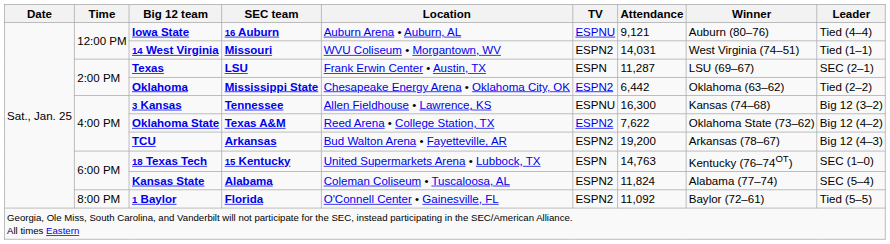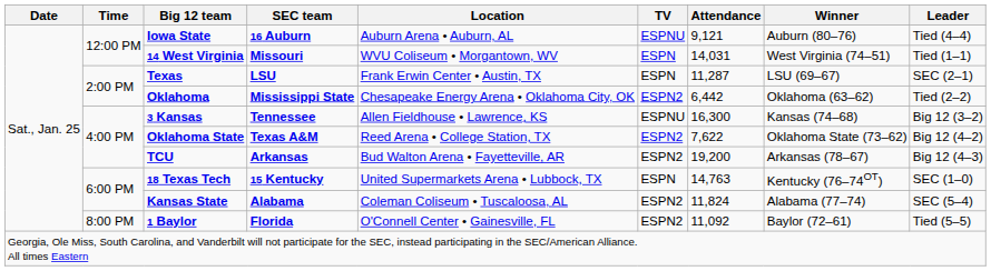 <table class="wikitable" style="font-size: 95%">
 <tr style="text-align:center;">
 <th>Date</th>
 <th>Time</th>
 <th>Big 12 team</th>
 <th>SEC team</th>
 <th>Location</th>
 <th>TV</th>
 <th>Attendance</th>
 <th>Winner</th>
 <th>Leader</th>
 </tr>
 <tr>
 <td rowspan=10>Sat., Jan. 25</td>
 <td rowspan=2>12:00 PM</td>
 <td><strong><a href='#'><span>Iowa State</span></a></strong></td>
 <td><strong><a href='#'><span><small>16</small> Auburn</span></a></strong></td>
 <td><a href='#'>Auburn Arena</a> • <a href='#'>Auburn, AL</a></td>
 <td><a href='#'>ESPNU</a></td>
 <td>9,121</td>
 <td>Auburn (80–76)</td>
 <td>Tied (4–4)</td>
 </tr>
 <tr>
 <td><strong><a href='#'><span><small>14</small> West Virginia</span></a></strong></td>
 <td><strong><a href='#'><span>Missouri</span></a></strong></td>
 <td><a href='#'>WVU Coliseum</a> • <a href='#'>Morgantown, WV</a></td>
-<td>ESPN2</td>
+<td><a href='#'>ESPN</a></td>
 <td>14,031</td>
 <td>West Virginia (74–51)</td>
 <td>Tied (1–1)</td>
 </tr>
 <tr>
 <td rowspan=2>2:00 PM</td>
 <td><strong><a href='#'><span>Texas</span></a></strong></td>
 <td><strong><a href='#'><span>LSU</span></a></strong></td>
 <td><a href='#'>Frank Erwin Center</a> • <a href='#'>Austin, TX</a></td>
 <td>ESPN</td>
 <td>11,287</td>
 <td>LSU (69–67)</td>
 <td>SEC (2–1)</td>
 </tr>
 <tr>
 <td><strong><a href='#'><span>Oklahoma</span></a></strong></td>
 <td><strong><a href='#'><span>Mississippi State</span></a></strong></td>
 <td><a href='#'>Chesapeake Energy Arena</a> • <a href='#'>Oklahoma City, OK</a></td>
 <td><a href='#'>ESPN2</a></td>
 <td>6,442</td>
 <td>Oklahoma (63–62)</td>
 <td>Tied (2–2)</td>
 </tr>
 <tr>
 <td rowspan=3>4:00 PM</td>
 <td><strong><a href='#'><span><small>3</small> Kansas</span></a></strong></td>
 <td><strong><a href='#'><span>Tennessee</span></a></strong></td>
 <td><a href='#'>Allen Fieldhouse</a> • <a href='#'>Lawrence, KS</a></td>
 <td>ESPNU</td>
 <td>16,300</td>
 <td>Kansas (74–68)</td>
 <td>Big 12 (3–2)</td>
 </tr>
 <tr>
 <td><strong><a href='#'><span>Oklahoma State</span></a></strong></td>
 <td><strong><a href='#'><span>Texas A&M</span></a></strong></td>
 <td><a href='#'>Reed Arena</a> • <a href='#'>College Station, TX</a></td>
 <td><a href='#'>ESPN2</a></td>
 <td>7,622</td>
 <td>Oklahoma State (73–62)</td>
 <td>Big 12 (4–2)</td>
 </tr>
 <tr>
 <td><strong><a href='#'><span>TCU</span></a></strong></td>
 <td><strong><a href='#'><span>Arkansas</span></a></strong></td>
 <td><a href='#'>Bud Walton Arena</a> • <a href='#'>Fayetteville, AR</a></td>
 <td>ESPN2</td>
 <td>19,200</td>
 <td>Arkansas (78–67)</td>
 <td>Big 12 (4–3)</td>
 </tr>
 <tr>
 <td rowspan=2>6:00 PM</td>
 <td><strong><a href='#'><span><small>18</small> Texas Tech</span></a></strong></td>
 <td><strong><a href='#'><span><small>15</small> Kentucky</span></a></strong></td>
 <td><a href='#'>United Supermarkets Arena</a> • <a href='#'>Lubbock, TX</a></td>
 <td>ESPN</td>
 <td>14,763</td>
 <td>Kentucky (76–74<sup>OT</sup>)</td>
 <td>SEC (1–0)</td>
 </tr>
 <tr>
 <td><strong><a href='#'><span>Kansas State</span></a></strong></td>
 <td><strong><a href='#'><span>Alabama</span></a></strong></td>
 <td><a href='#'>Coleman Coliseum</a> • <a href='#'>Tuscaloosa, AL</a></td>
 <td>ESPN2</td>
 <td>11,824</td>
 <td>Alabama (77–74)</td>
 <td>SEC (5–4)</td>
 </tr>
 <tr>
 <td>8:00 PM</td>
 <td><strong><a href='#'><span><small>1</small> Baylor</span></a></strong></td>
 <td><strong><a href='#'><span>Florida</span></a></strong></td>
 <td><a href='#'>O'Connell Center</a> • <a href='#'>Gainesville, FL</a></td>
 <td>ESPN2</td>
 <td>11,092</td>
 <td>Baylor (72–61)</td>
 <td>Tied (5–5)</td>
 </tr>
 <tr>
 <td colspan=9><small>Georgia, Ole Miss, South Carolina, and Vanderbilt will not participate for the SEC, instead participating in the SEC/American Alliance.<br>All times <a href='#'>Eastern</a></small></td>
 </tr>
 </table>
